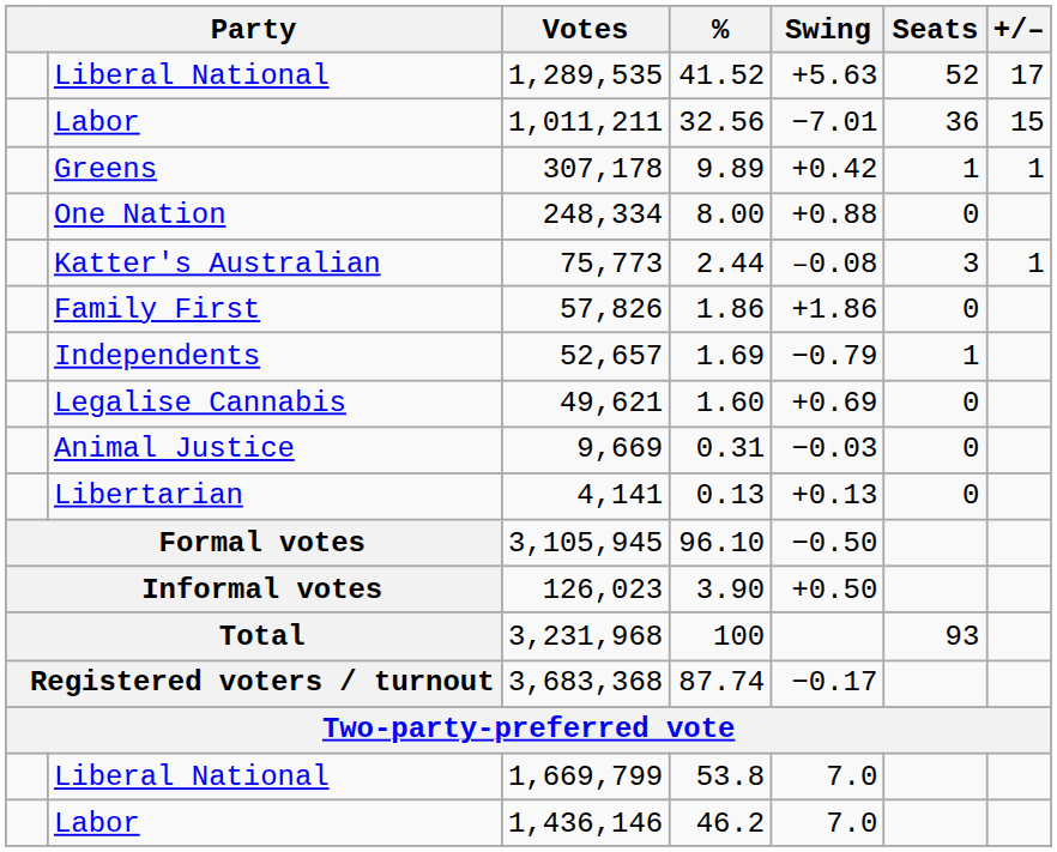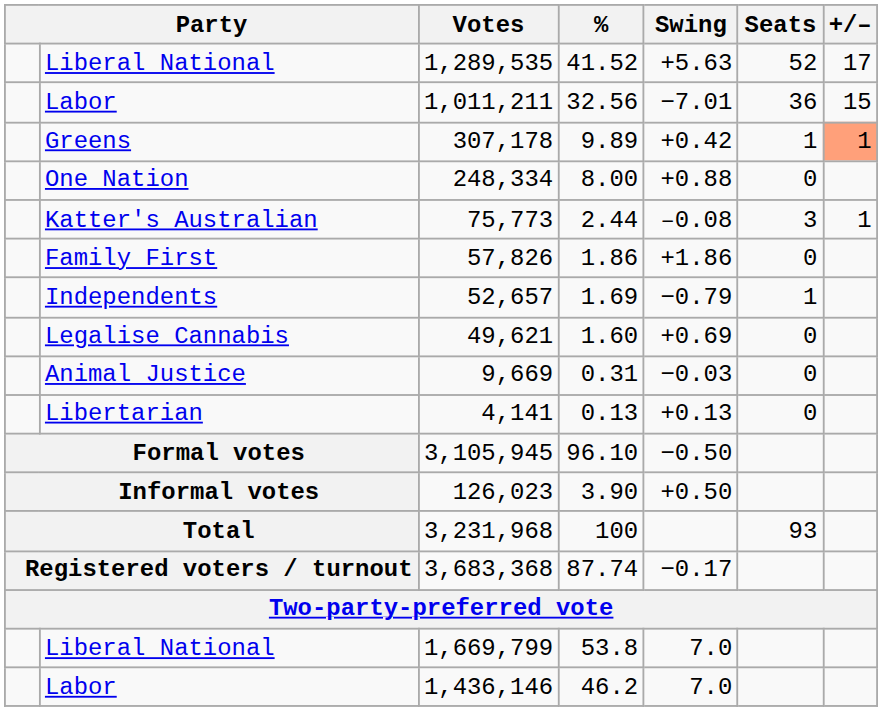 <table class="wikitable sortable" style="text-align:right; margin-bottom:0">
 <tr>
 <th style="width:10px" colspan=3>Party</th>
 <th style="width:70px;">Votes</th>
 <th style="width:40px;">%</th>
 <th style="width:45px;">Swing</th>
 <th style="width:40px;">Seats</th>
 <th>+/–</th>
 </tr>
 <tr>
 <td> </td>
 <td style="text-align:left;" colspan="2"><a href='#'>Liberal National</a></td>
 <td>1,289,535</td>
 <td>41.52</td>
 <td>+5.63</td>
 <td>52</td>
 <td> 17</td>
 </tr>
 <tr>
 <td> </td>
 <td style="text-align:left;" colspan="2"><a href='#'>Labor</a></td>
 <td>1,011,211</td>
 <td>32.56</td>
 <td>−7.01</td>
 <td>36</td>
 <td> 15</td>
 </tr>
 <tr>
 <td> </td>
 <td style="text-align:left;" colspan="2"><a href='#'>Greens</a></td>
 <td>307,178</td>
 <td>9.89</td>
 <td>+0.42</td>
 <td>1</td>
-<td> 1</td>
+<td style="background: lightsalmon;"> 1</td>
 </tr>
 <tr>
 <td> </td>
 <td style="text-align:left;" colspan="2"><a href='#'>One Nation</a></td>
 <td>248,334</td>
 <td>8.00</td>
 <td>+0.88</td>
 <td>0</td>
 <td></td>
 </tr>
 <tr>
 <td> </td>
 <td colspan="2" style="text-align:left;"><a href='#'>Katter's Australian</a></td>
 <td>75,773</td>
 <td>2.44</td>
 <td>–0.08</td>
 <td>3</td>
 <td> 1</td>
 </tr>
 <tr>
 <td> </td>
 <td colspan="2" style="text-align:left;"><a href='#'>Family First</a></td>
 <td>57,826</td>
 <td>1.86</td>
 <td>+1.86</td>
 <td>0</td>
 <td></td>
 </tr>
 <tr>
 <td> </td>
 <td colspan="2" style="text-align:left;"><a href='#'>Independents</a></td>
 <td>52,657</td>
 <td>1.69</td>
 <td>−0.79</td>
 <td>1</td>
 <td></td>
 </tr>
 <tr>
 <td> </td>
 <td colspan="2" style="text-align:left;"><a href='#'>Legalise Cannabis</a></td>
 <td>49,621</td>
 <td>1.60</td>
 <td>+0.69</td>
 <td>0</td>
 <td></td>
 </tr>
 <tr>
 <td> </td>
 <td colspan="2" style="text-align:left;"><a href='#'>Animal Justice</a></td>
 <td>9,669</td>
 <td>0.31</td>
 <td>−0.03</td>
 <td>0</td>
 <td></td>
 </tr>
 <tr>
 <td> </td>
 <td colspan="2" style="text-align:left;"><a href='#'>Libertarian</a></td>
 <td>4,141</td>
 <td>0.13</td>
 <td>+0.13</td>
 <td>0</td>
 <td></td>
 </tr>
 <tr>
 <th colspan="3" rowspan="1"> Formal votes</th>
 <td>3,105,945</td>
 <td>96.10</td>
 <td>−0.50</td>
 <td></td>
 <td></td>
 </tr>
 <tr>
 <th colspan="3" rowspan="1"> Informal votes</th>
 <td>126,023</td>
 <td>3.90</td>
 <td>+0.50</td>
 <td></td>
 <td></td>
 </tr>
 <tr>
 <th colspan="3" rowspan="1"> <strong>Total </strong></th>
 <td>3,231,968</td>
 <td>100</td>
 <td></td>
 <td>93</td>
 <td></td>
 </tr>
 <tr>
 <th colspan="3" rowspan="1"> Registered voters / turnout</th>
 <td>3,683,368</td>
 <td>87.74</td>
 <td>−0.17</td>
 <td></td>
 <td></td>
 </tr>
 <tr>
 <th colspan="8"><a href='#'>Two-party-preferred vote</a></th>
 </tr>
 <tr>
 <td></td>
 <td style="text-align:left;" colspan="2"><a href='#'>Liberal National</a></td>
 <td>1,669,799</td>
 <td>53.8</td>
 <td> 7.0</td>
 <td></td>
 <td></td>
 </tr>
 <tr>
 <td></td>
 <td style="text-align:left;" colspan="2"><a href='#'>Labor</a></td>
 <td>1,436,146</td>
 <td>46.2</td>
 <td> 7.0</td>
 <td></td>
 <td></td>
 </tr>
 </table>
